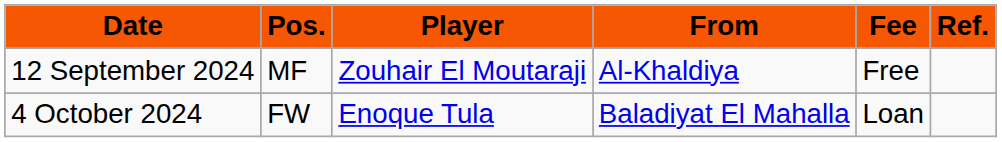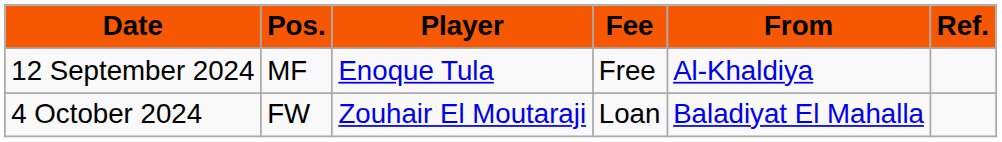 <table class="wikitable plainrowheaders sortable">
 <tr>
 <th style="background:#f55702; color:#fffff; ">Date</th>
 <th style="background:#f55702; color:#fffff; ">Pos.</th>
 <th style="background:#f55702; color:#fffff; ">Player</th>
+<th style="background:#f55702; color:#fffff; ">Fee</th>
 <th style="background:#f55702; color:#fffff; ">From</th>
-<th style="background:#f55702; color:#fffff; ">Fee</th>
 <th style="background:#f55702; color:#fffff; ">Ref.</th>
 </tr>
 <tr>
 <td>12 September 2024</td>
 <td>MF</td>
-<td> <a href='#'>Zouhair El Moutaraji</a></td>
+<td> <a href='#'>Enoque Tula</a></td>
+<td>Free</td>
 <td> <a href='#'>Al-Khaldiya</a></td>
-<td>Free</td>
 <td></td>
 </tr>
 <tr>
 <td>4 October 2024</td>
 <td>FW</td>
-<td> <a href='#'>Enoque Tula</a></td>
+<td> <a href='#'>Zouhair El Moutaraji</a></td>
+<td>Loan</td>
 <td> <a href='#'>Baladiyat El Mahalla</a></td>
-<td>Loan</td>
 <td></td>
 </tr>
 </table>
